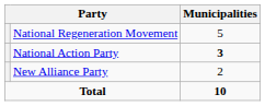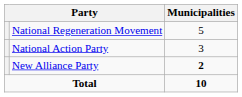 <table class="wikitable" style="text-align:center;">
 <tr>
 <th colspan="2">Party</th>
 <th>Municipalities</th>
 </tr>
 <tr>
 <th style="background-color:"></th>
 <td style="text-align:left;"><a href='#'>National Regeneration Movement</a></td>
 <td>5</td>
 </tr>
 <tr>
 <th style="background-color:"></th>
 <td style="text-align:left;"><a href='#'>National Action Party</a></td>
-<td><strong>3</strong></td>
+<td>3</td>
 </tr>
 <tr>
 <th style="background-color:"></th>
 <td style="text-align:left;"><a href='#'>New Alliance Party</a></td>
-<td>2</td>
+<td><strong>2</strong></td>
 </tr>
 <tr>
 <td colspan="2"><strong>Total</strong></td>
 <td><strong>10</strong></td>
 </tr>
 </table>
